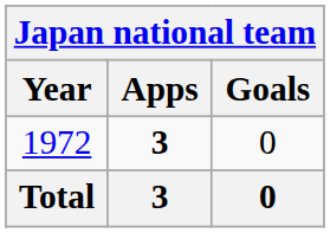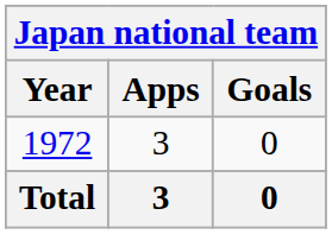 <table class="wikitable" style="text-align:center">
 <tr>
 <th colspan=3><a href='#'>Japan national team</a></th>
 </tr>
 <tr>
 <th>Year</th>
 <th>Apps</th>
 <th>Goals</th>
 </tr>
 <tr>
 <td><a href='#'>1972</a></td>
-<td><strong>3</strong></td>
+<td>3</td>
 <td>0</td>
 </tr>
 <tr>
 <th>Total</th>
 <th>3</th>
 <th>0</th>
 </tr>
 </table>
